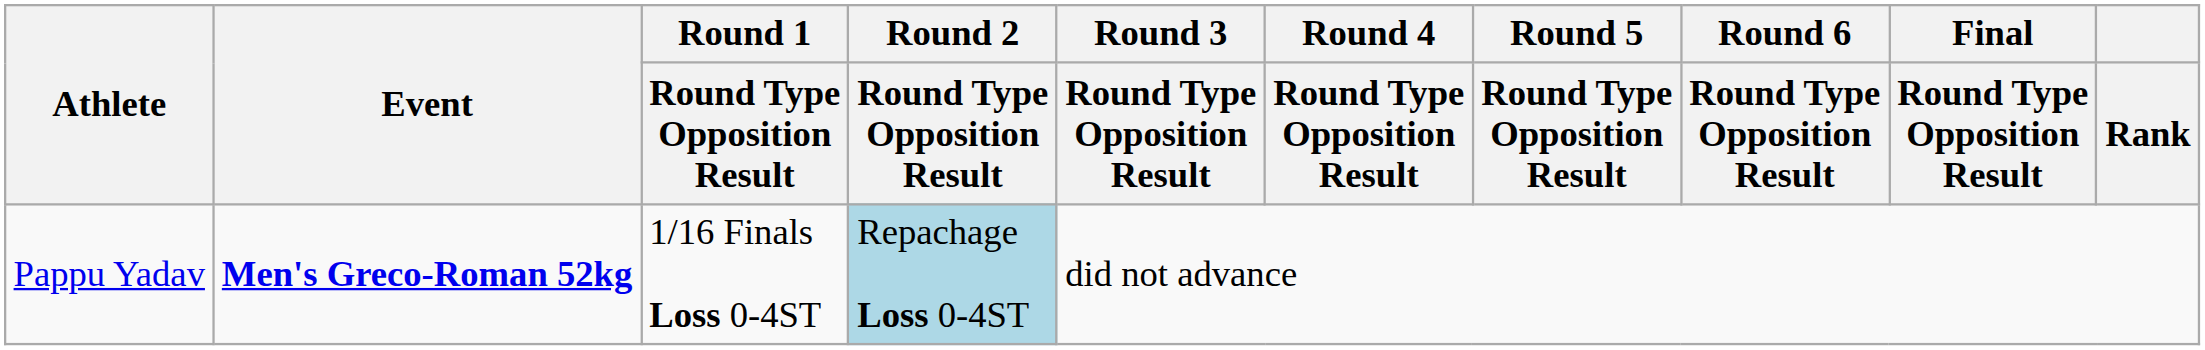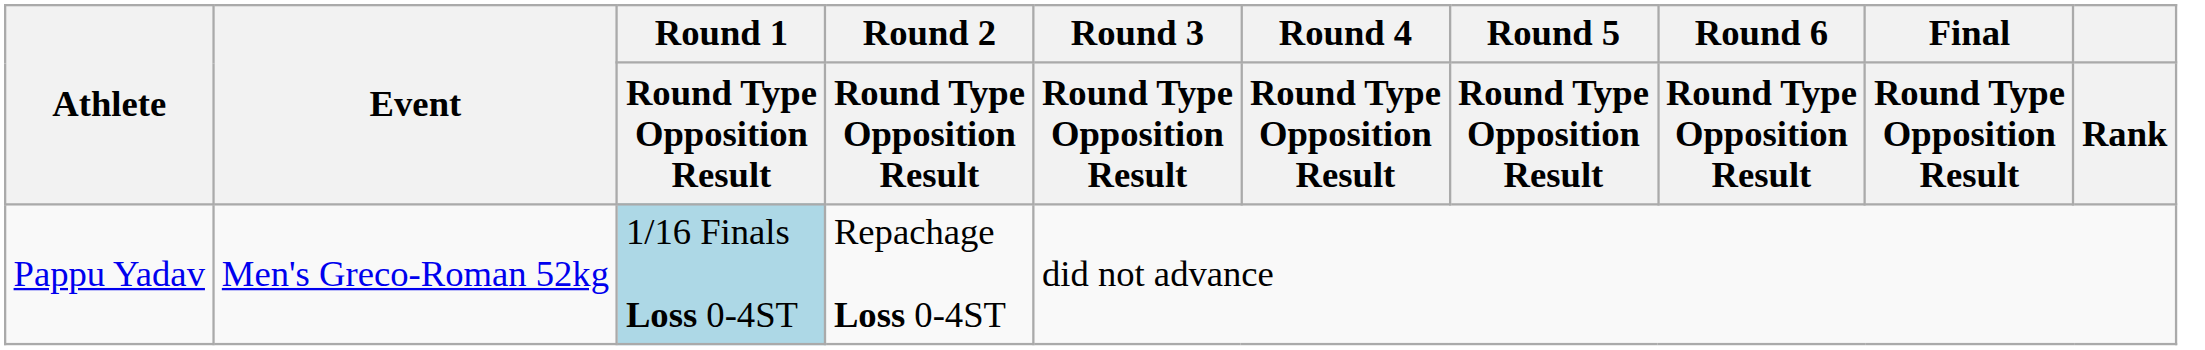 <table class="wikitable">
 <tr>
 <th rowspan="2">Athlete</th>
 <th rowspan="2">Event</th>
 <th>Round 1</th>
 <th>Round 2</th>
 <th>Round 3</th>
 <th>Round 4</th>
 <th>Round 5</th>
 <th>Round 6</th>
 <th>Final</th>
 <th></th>
 </tr>
 <tr>
 <th>Round Type<br>Opposition<br>Result</th>
 <th>Round Type<br>Opposition<br>Result</th>
 <th>Round Type<br>Opposition<br>Result</th>
 <th>Round Type<br>Opposition<br>Result</th>
 <th>Round Type<br>Opposition<br>Result</th>
 <th>Round Type<br>Opposition<br>Result</th>
 <th>Round Type<br>Opposition<br>Result</th>
 <th>Rank</th>
 </tr>
 <tr>
 <td><a href='#'>Pappu Yadav</a></td>
-<td><strong><a href='#'>Men's Greco-Roman 52kg</a></strong></td>
-<td>1/16 Finals<br><br><strong>Loss</strong> 0-4ST</td>
-<td style="background: lightblue;">Repachage<br><br><strong>Loss</strong> 0-4ST</td>
+<td><a href='#'>Men's Greco-Roman 52kg</a></td>
+<td style="background: lightblue;">1/16 Finals<br><br><strong>Loss</strong> 0-4ST</td>
+<td>Repachage<br><br><strong>Loss</strong> 0-4ST</td>
 <td colspan="6">did not advance</td>
 </tr>
 </table>
